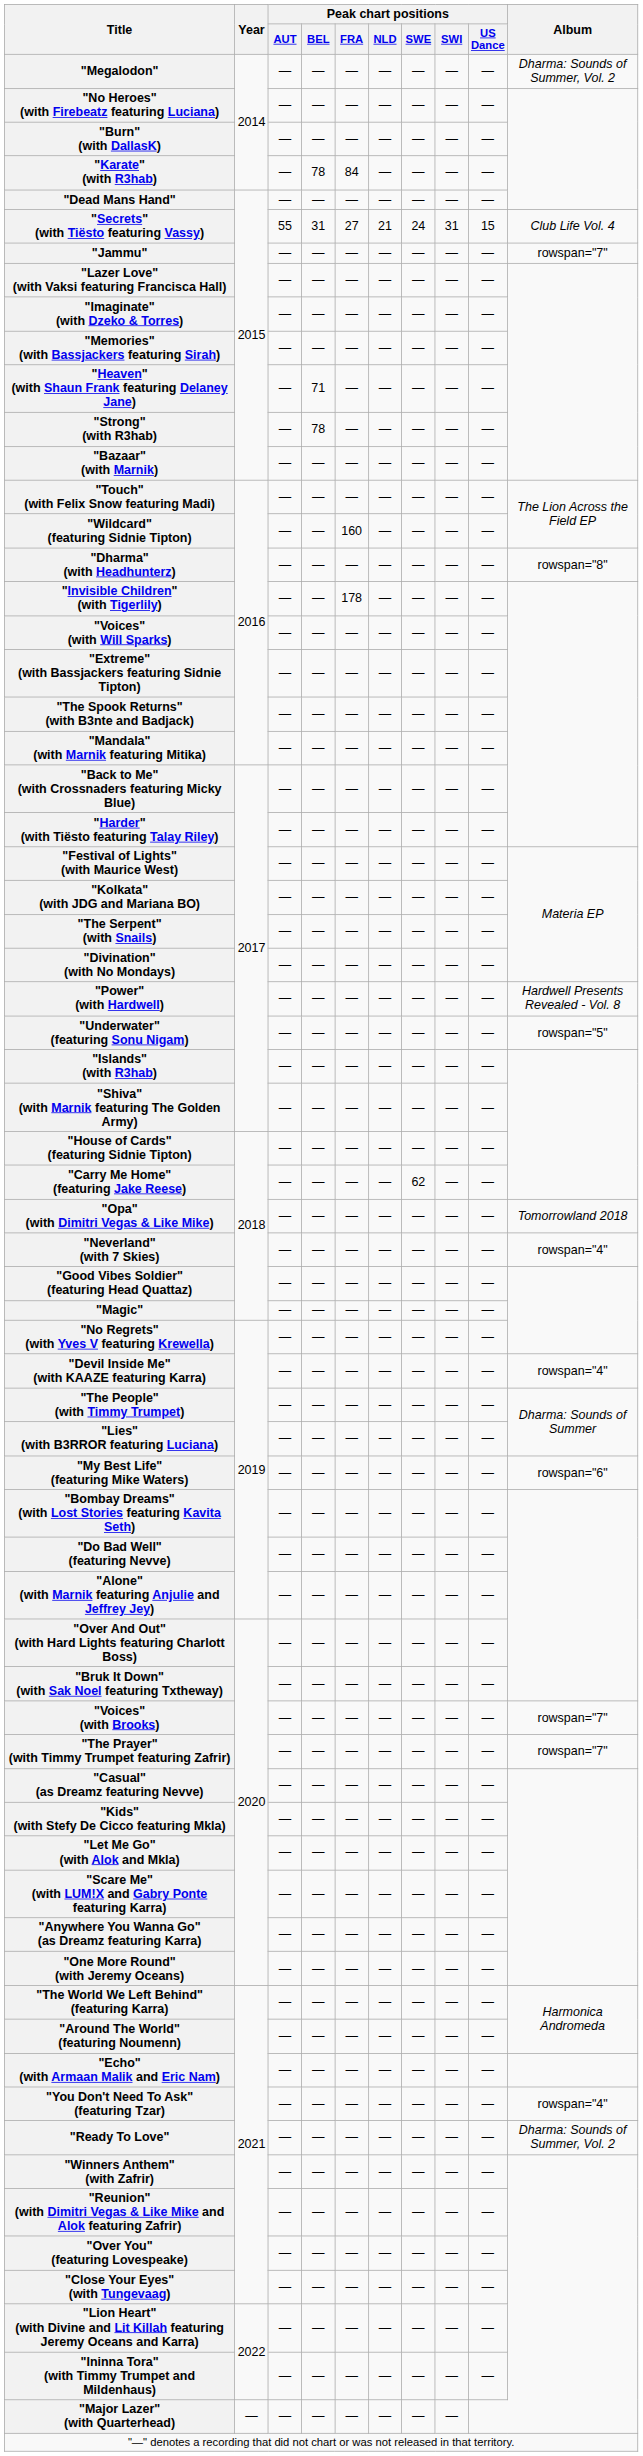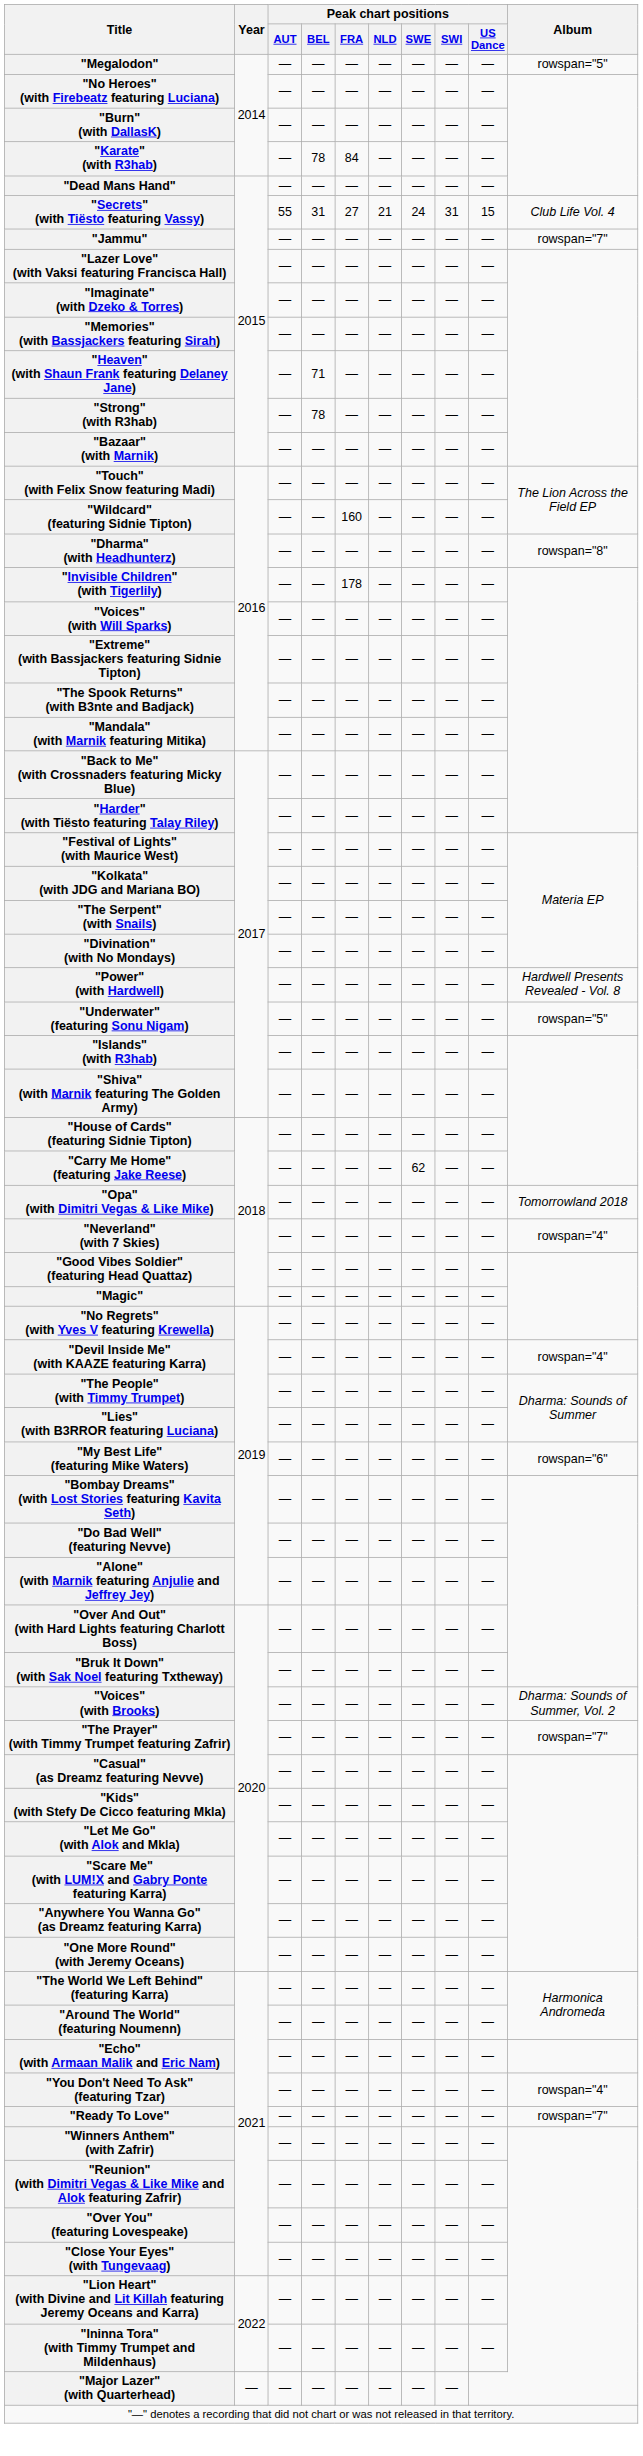 <table class="wikitable plainrowheaders" style="text-align:center;">
 <tr>
 <th scope="col" rowspan="2" style="width:18em;">Title</th>
 <th scope="col" rowspan="2" style="width:1em;">Year</th>
 <th scope="col" colspan="7">Peak chart positions</th>
 <th scope="col" rowspan="2" style="width:10em;">Album</th>
 </tr>
 <tr>
 <th scope="col" style="width:2.5em;font-size:90%;"><a href='#'>AUT</a><br></th>
 <th scope="col" style="width:2.5em;font-size:90%;"><a href='#'>BEL</a> <br></th>
 <th scope="col" style="width:2.5em;font-size:90%;"><a href='#'>FRA</a><br></th>
 <th scope="col" style="width:2.5em;font-size:90%;"><a href='#'>NLD</a><br></th>
 <th scope="col" style="width:2.5em;font-size:90%;"><a href='#'>SWE</a><br></th>
 <th scope="col" style="width:2.5em;font-size:90%;"><a href='#'>SWI</a><br></th>
 <th scope="col" style="width:2.5em;font-size:90%;"><a href='#'>US<br>Dance</a><br></th>
 </tr>
 <tr>
 <th scope="row">"Megalodon"</th>
 <td rowspan="4">2014</td>
 <td>—</td>
 <td>—</td>
 <td>—</td>
 <td>—</td>
 <td>—</td>
 <td>—</td>
 <td>—</td>
-<td rowspan=""><em>Dharma: Sounds of Summer, Vol. 2</em></td>
+<td>rowspan="5" </td>
 </tr>
 <tr>
 <th scope="row">"No Heroes" <br><span>(with <a href='#'>Firebeatz</a> featuring <a href='#'>Luciana</a>)</span></th>
 <td>—</td>
 <td>—</td>
 <td>—</td>
 <td>—</td>
 <td>—</td>
 <td>—</td>
 <td>—</td>
 </tr>
 <tr>
 <th scope="row">"Burn" <br><span>(with <a href='#'>DallasK</a>)</span></th>
 <td>—</td>
 <td>—</td>
 <td>—</td>
 <td>—</td>
 <td>—</td>
 <td>—</td>
 <td>—</td>
 </tr>
 <tr>
 <th scope="row">"<a href='#'>Karate</a>" <br><span>(with <a href='#'>R3hab</a>)</span></th>
 <td>—</td>
 <td>78</td>
 <td>84</td>
 <td>—</td>
 <td>—</td>
 <td>—</td>
 <td>—</td>
 </tr>
 <tr>
 <th scope="row">"Dead Mans Hand"</th>
 <td rowspan="9">2015</td>
 <td>—</td>
 <td>—</td>
 <td>—</td>
 <td>—</td>
 <td>—</td>
 <td>—</td>
 <td>—</td>
 </tr>
 <tr>
 <th scope="row">"<a href='#'>Secrets</a>" <br><span>(with <a href='#'>Tiësto</a> featuring <a href='#'>Vassy</a>)</span></th>
 <td>55</td>
 <td>31</td>
 <td>27</td>
 <td>21</td>
 <td>24</td>
 <td>31</td>
 <td>15</td>
 <td><em>Club Life Vol. 4</em></td>
 </tr>
 <tr>
 <th scope="row">"Jammu"</th>
 <td>—</td>
 <td>—</td>
 <td>—</td>
 <td>—</td>
 <td>—</td>
 <td>—</td>
 <td>—</td>
 <td>rowspan="7" </td>
 </tr>
 <tr>
 <th scope="row">"Lazer Love" <br><span>(with Vaksi featuring Francisca Hall)</span></th>
 <td>—</td>
 <td>—</td>
 <td>—</td>
 <td>—</td>
 <td>—</td>
 <td>—</td>
 <td>—</td>
 </tr>
 <tr>
 <th scope="row">"Imaginate" <br><span>(with <a href='#'>Dzeko & Torres</a>)</span></th>
 <td>—</td>
 <td>—</td>
 <td>—</td>
 <td>—</td>
 <td>—</td>
 <td>—</td>
 <td>—</td>
 </tr>
 <tr>
 <th scope="row">"Memories" <br><span>(with <a href='#'>Bassjackers</a> featuring <a href='#'>Sirah</a>)</span></th>
 <td>—</td>
 <td>—</td>
 <td>—</td>
 <td>—</td>
 <td>—</td>
 <td>—</td>
 <td>—</td>
 </tr>
 <tr>
 <th scope="row">"<a href='#'>Heaven</a>" <br><span>(with <a href='#'>Shaun Frank</a> featuring <a href='#'>Delaney Jane</a>)</span></th>
 <td>—</td>
 <td>71</td>
 <td>—</td>
 <td>—</td>
 <td>—</td>
 <td>—</td>
 <td>—</td>
 </tr>
 <tr>
 <th scope="row">"Strong" <br><span>(with R3hab)</span></th>
 <td>—</td>
 <td>78</td>
 <td>—</td>
 <td>—</td>
 <td>—</td>
 <td>—</td>
 <td>—</td>
 </tr>
 <tr>
 <th scope="row">"Bazaar" <br><span>(with <a href='#'>Marnik</a>)</span></th>
 <td>—</td>
 <td>—</td>
 <td>—</td>
 <td>—</td>
 <td>—</td>
 <td>—</td>
 <td>—</td>
 </tr>
 <tr>
 <th scope="row">"Touch" <br><span>(with Felix Snow featuring Madi)</span></th>
 <td rowspan="8">2016</td>
 <td>—</td>
 <td>—</td>
 <td>—</td>
 <td>—</td>
 <td>—</td>
 <td>—</td>
 <td>—</td>
 <td rowspan="2"><em>The Lion Across the Field EP</em></td>
 </tr>
 <tr>
 <th scope="row">"Wildcard" <br><span>(featuring Sidnie Tipton)</span></th>
 <td>—</td>
 <td>—</td>
 <td>160</td>
 <td>—</td>
 <td>—</td>
 <td>—</td>
 <td>—</td>
 </tr>
 <tr>
 <th scope="row">"Dharma" <br><span>(with <a href='#'>Headhunterz</a>)</span></th>
 <td>—</td>
 <td>—</td>
 <td>—</td>
 <td>—</td>
 <td>—</td>
 <td>—</td>
 <td>—</td>
 <td>rowspan="8" </td>
 </tr>
 <tr>
 <th scope="row">"<a href='#'>Invisible Children</a>" <br><span>(with <a href='#'>Tigerlily</a>)</span></th>
 <td>—</td>
 <td>—</td>
 <td>178<br></td>
 <td>—</td>
 <td>—</td>
 <td>—</td>
 <td>—</td>
 </tr>
 <tr>
 <th scope="row">"Voices" <br><span>(with <a href='#'>Will Sparks</a>)</span></th>
 <td>—</td>
 <td>—</td>
 <td>—</td>
 <td>—</td>
 <td>—</td>
 <td>—</td>
 <td>—</td>
 </tr>
 <tr>
 <th scope="row">"Extreme" <br><span>(with Bassjackers featuring Sidnie Tipton)</span></th>
 <td>—</td>
 <td>—</td>
 <td>—</td>
 <td>—</td>
 <td>—</td>
 <td>—</td>
 <td>—</td>
 </tr>
 <tr>
 <th scope="row">"The Spook Returns" <br><span>(with B3nte and Badjack)</span></th>
 <td>—</td>
 <td>—</td>
 <td>—</td>
 <td>—</td>
 <td>—</td>
 <td>—</td>
 <td>—</td>
 </tr>
 <tr>
 <th scope="row">"Mandala" <br><span>(with <a href='#'>Marnik</a> featuring Mitika)</span></th>
 <td>—</td>
 <td>—</td>
 <td>—</td>
 <td>—</td>
 <td>—</td>
 <td>—</td>
 <td>—</td>
 </tr>
 <tr>
 <th scope="row">"Back to Me" <br><span>(with Crossnaders featuring Micky Blue)</span></th>
 <td rowspan="10">2017</td>
 <td>—</td>
 <td>—</td>
 <td>—</td>
 <td>—</td>
 <td>—</td>
 <td>—</td>
 <td>—</td>
 </tr>
 <tr>
 <th scope="row">"<a href='#'>Harder</a>"<br><span>(with Tiësto featuring <a href='#'>Talay Riley</a>)</span></th>
 <td>—</td>
 <td>—</td>
 <td>—</td>
 <td>—</td>
 <td>—</td>
 <td>—</td>
 <td>—</td>
 </tr>
 <tr>
 <th scope="row">"Festival of Lights" <br><span>(with Maurice West)</span></th>
 <td>—</td>
 <td>—</td>
 <td>—</td>
 <td>—</td>
 <td>—</td>
 <td>—</td>
 <td>—</td>
 <td rowspan="4"><em>Materia EP</em></td>
 </tr>
 <tr>
 <th scope="row">"Kolkata" <br><span>(with JDG and Mariana BO)</span></th>
 <td>—</td>
 <td>—</td>
 <td>—</td>
 <td>—</td>
 <td>—</td>
 <td>—</td>
 <td>—</td>
 </tr>
 <tr>
 <th scope="row">"The Serpent" <br><span>(with <a href='#'>Snails</a>)</span></th>
 <td>—</td>
 <td>—</td>
 <td>—</td>
 <td>—</td>
 <td>—</td>
 <td>—</td>
 <td>—</td>
 </tr>
 <tr>
 <th scope="row">"Divination" <br><span>(with No Mondays)</span></th>
 <td>—</td>
 <td>—</td>
 <td>—</td>
 <td>—</td>
 <td>—</td>
 <td>—</td>
 <td>—</td>
 </tr>
 <tr>
 <th scope="row">"Power" <br><span>(with <a href='#'>Hardwell</a>)</span></th>
 <td>—</td>
 <td>—</td>
 <td>—</td>
 <td>—</td>
 <td>—</td>
 <td>—</td>
 <td>—</td>
 <td><em>Hardwell Presents Revealed - Vol. 8</em></td>
 </tr>
 <tr>
 <th scope="row">"Underwater" <br><span>(featuring <a href='#'>Sonu Nigam</a>)</span></th>
 <td>—</td>
 <td>—</td>
 <td>—</td>
 <td>—</td>
 <td>—</td>
 <td>—</td>
 <td>—</td>
 <td>rowspan="5" </td>
 </tr>
 <tr>
 <th scope="row">"Islands" <br><span>(with <a href='#'>R3hab</a>)</span></th>
 <td>—</td>
 <td>—</td>
 <td>—</td>
 <td>—</td>
 <td>—</td>
 <td>—</td>
 <td>—</td>
 </tr>
 <tr>
 <th scope="row">"Shiva" <br><span>(with <a href='#'>Marnik</a> featuring The Golden Army)</span></th>
 <td>—</td>
 <td>—</td>
 <td>—</td>
 <td>—</td>
 <td>—</td>
 <td>—</td>
 <td>—</td>
 </tr>
 <tr>
 <th scope="row">"House of Cards" <br><span>(featuring Sidnie Tipton)</span></th>
 <td rowspan="6">2018</td>
 <td>—</td>
 <td>—</td>
 <td>—</td>
 <td>—</td>
 <td>—</td>
 <td>—</td>
 <td>—</td>
 </tr>
 <tr>
 <th scope="row">"Carry Me Home" <br><span>(featuring <a href='#'>Jake Reese</a>)</span></th>
 <td>—</td>
 <td>—</td>
 <td>—</td>
 <td>—</td>
 <td>62<br></td>
 <td>—</td>
 <td>—</td>
 </tr>
 <tr>
 <th scope="row">"Opa" <br><span>(with <a href='#'>Dimitri Vegas & Like Mike</a>)</span></th>
 <td>—</td>
 <td>—</td>
 <td>—</td>
 <td>—</td>
 <td>—</td>
 <td>—</td>
 <td>—</td>
 <td><em>Tomorrowland 2018</em></td>
 </tr>
 <tr>
 <th scope="row">"Neverland" <br><span>(with 7 Skies)</span></th>
 <td>—</td>
 <td>—</td>
 <td>—</td>
 <td>—</td>
 <td>—</td>
 <td>—</td>
 <td>—</td>
 <td>rowspan="4" </td>
 </tr>
 <tr>
 <th scope="row">"Good Vibes Soldier" <br><span>(featuring Head Quattaz)</span></th>
 <td>—</td>
 <td>—</td>
 <td>—</td>
 <td>—</td>
 <td>—</td>
 <td>—</td>
 <td>—</td>
 </tr>
 <tr>
 <th scope="row">"Magic"</th>
 <td>—</td>
 <td>—</td>
 <td>—</td>
 <td>—</td>
 <td>—</td>
 <td>—</td>
 <td>—</td>
 </tr>
 <tr>
 <th scope="row">"No Regrets" <br><span>(with <a href='#'>Yves V</a> featuring <a href='#'>Krewella</a>)</span></th>
 <td rowspan="8">2019</td>
 <td>—</td>
 <td>—</td>
 <td>—</td>
 <td>—</td>
 <td>—</td>
 <td>—</td>
 <td>—</td>
 </tr>
 <tr>
 <th scope="row">"Devil Inside Me" <br><span>(with KAAZE featuring Karra)</span></th>
 <td>—</td>
 <td>—</td>
 <td>—</td>
 <td>—</td>
 <td>—</td>
 <td>—</td>
 <td>—</td>
 <td>rowspan="4" </td>
 </tr>
 <tr>
 <th scope="row">"The People" <br><span>(with <a href='#'>Timmy Trumpet</a>)</span></th>
 <td>—</td>
 <td>—</td>
 <td>—</td>
 <td>—</td>
 <td>—</td>
 <td>—</td>
 <td>—</td>
 <td rowspan="2"><em>Dharma: Sounds of Summer</em></td>
 </tr>
 <tr>
 <th scope="row">"Lies" <br><span>(with B3RROR featuring <a href='#'>Luciana</a>)</span></th>
 <td>—</td>
 <td>—</td>
 <td>—</td>
 <td>—</td>
 <td>—</td>
 <td>—</td>
 <td>—</td>
 </tr>
 <tr>
 <th scope="row">"My Best Life" <br><span>(featuring Mike Waters)</span></th>
 <td>—</td>
 <td>—</td>
 <td>—</td>
 <td>—</td>
 <td>—</td>
 <td>—</td>
 <td>—</td>
 <td>rowspan="6" </td>
 </tr>
 <tr>
 <th scope="row">"Bombay Dreams" <br><span>(with <a href='#'>Lost Stories</a> featuring <a href='#'>Kavita Seth</a>)</span></th>
 <td>—</td>
 <td>—</td>
 <td>—</td>
 <td>—</td>
 <td>—</td>
 <td>—</td>
 <td>—</td>
 </tr>
 <tr>
 <th scope="row">"Do Bad Well"<br><span>(featuring Nevve)</span></th>
 <td>—</td>
 <td>—</td>
 <td>—</td>
 <td>—</td>
 <td>—</td>
 <td>—</td>
 <td>—</td>
 </tr>
 <tr>
 <th scope="row">"Alone"<br><span>(with <a href='#'>Marnik</a> featuring <a href='#'>Anjulie</a> and <a href='#'>Jeffrey Jey</a>)</span></th>
 <td>—</td>
 <td>—</td>
 <td>—</td>
 <td>—</td>
 <td>—</td>
 <td>—</td>
 <td>—</td>
 </tr>
 <tr>
 <th scope="row">"Over And Out" <br><span>(with Hard Lights featuring Charlott Boss)</span></th>
 <td rowspan="10">2020</td>
 <td>—</td>
 <td>—</td>
 <td>—</td>
 <td>—</td>
 <td>—</td>
 <td>—</td>
 <td>—</td>
 </tr>
 <tr>
 <th scope="row">"Bruk It Down" <br><span>(with <a href='#'>Sak Noel</a> featuring Txtheway)</span></th>
 <td>—</td>
 <td>—</td>
 <td>—</td>
 <td>—</td>
 <td>—</td>
 <td>—</td>
 <td>—</td>
 </tr>
 <tr>
 <th scope="row">"Voices" <br><span>(with <a href='#'>Brooks</a>)</span></th>
 <td>—</td>
 <td>—</td>
 <td>—</td>
 <td>—</td>
 <td>—</td>
 <td>—</td>
 <td>—</td>
-<td>rowspan="7" </td>
+<td rowspan=""><em>Dharma: Sounds of Summer, Vol. 2</em></td>
 </tr>
 <tr>
 <th scope="row">"The Prayer" <br><span>(with Timmy Trumpet featuring Zafrir)</span></th>
 <td>—</td>
 <td>—</td>
 <td>—</td>
 <td>—</td>
 <td>—</td>
 <td>—</td>
 <td>—</td>
 <td>rowspan="7" </td>
 </tr>
 <tr>
 <th scope="row">"Casual" <br><span>(as Dreamz featuring Nevve)</span></th>
 <td>—</td>
 <td>—</td>
 <td>—</td>
 <td>—</td>
 <td>—</td>
 <td>—</td>
 <td>—</td>
 </tr>
 <tr>
 <th scope="row">"Kids" <br><span>(with Stefy De Cicco featuring Mkla)</span></th>
 <td>—</td>
 <td>—</td>
 <td>—</td>
 <td>—</td>
 <td>—</td>
 <td>—</td>
 <td>—</td>
 </tr>
 <tr>
 <th scope="row">"Let Me Go" <br><span>(with <a href='#'>Alok</a> and Mkla)</span></th>
 <td>—</td>
 <td>—</td>
 <td>—</td>
 <td>—</td>
 <td>—</td>
 <td>—</td>
 <td>—</td>
 </tr>
 <tr>
 <th scope="row">"Scare Me" <br><span>(with <a href='#'>LUM!X</a> and <a href='#'>Gabry Ponte</a> featuring Karra)</span></th>
 <td>—</td>
 <td>—</td>
 <td>—</td>
 <td>—</td>
 <td>—</td>
 <td>—</td>
 <td>—</td>
 </tr>
 <tr>
 <th scope="row">"Anywhere You Wanna Go" <br><span>(as Dreamz featuring Karra)</span></th>
 <td>—</td>
 <td>—</td>
 <td>—</td>
 <td>—</td>
 <td>—</td>
 <td>—</td>
 <td>—</td>
 </tr>
 <tr>
 <th scope="row">"One More Round" <br><span>(with Jeremy Oceans)</span></th>
 <td>—</td>
 <td>—</td>
 <td>—</td>
 <td>—</td>
 <td>—</td>
 <td>—</td>
 <td>—</td>
 </tr>
 <tr>
 <th scope="row">"The World We Left Behind" <br><span>(featuring Karra)</span></th>
 <td rowspan="9">2021</td>
 <td>—</td>
 <td>—</td>
 <td>—</td>
 <td>—</td>
 <td>—</td>
 <td>—</td>
 <td>—</td>
 <td rowspan="2"><em>Harmonica Andromeda</em></td>
 </tr>
 <tr>
 <th scope="row">"Around The World" <br><span>(featuring Noumenn)</span></th>
 <td>—</td>
 <td>—</td>
 <td>—</td>
 <td>—</td>
 <td>—</td>
 <td>—</td>
 <td>—</td>
 </tr>
 <tr>
 <th scope="row">"Echo" <br><span>(with <a href='#'>Armaan Malik</a> and <a href='#'>Eric Nam</a>)</span></th>
 <td>—</td>
 <td>—</td>
 <td>—</td>
 <td>—</td>
 <td>—</td>
 <td>—</td>
 <td>—</td>
 <td></td>
 </tr>
 <tr>
 <th scope="row">"You Don't Need To Ask" <br><span>(featuring Tzar)</span></th>
 <td>—</td>
 <td>—</td>
 <td>—</td>
 <td>—</td>
 <td>—</td>
 <td>—</td>
 <td>—</td>
 <td>rowspan="4" </td>
 </tr>
 <tr>
 <th scope="row">"Ready To Love"</th>
 <td>—</td>
 <td>—</td>
 <td>—</td>
 <td>—</td>
 <td>—</td>
 <td>—</td>
 <td>—</td>
-<td rowspan=""><em>Dharma: Sounds of Summer, Vol. 2</em></td>
+<td>rowspan="7" </td>
 </tr>
 <tr>
 <th scope="row">"Winners Anthem" <br><span>(with Zafrir)</span></th>
 <td>—</td>
 <td>—</td>
 <td>—</td>
 <td>—</td>
 <td>—</td>
 <td>—</td>
 <td>—</td>
 </tr>
 <tr>
 <th scope="row">"Reunion" <br><span>(with <a href='#'>Dimitri Vegas & Like Mike</a> and <a href='#'>Alok</a> featuring Zafrir)</span></th>
 <td>—</td>
 <td>—</td>
 <td>—</td>
 <td>—</td>
 <td>—</td>
 <td>—</td>
 <td>—</td>
 </tr>
 <tr>
 <th scope="row">"Over You" <br><span>(featuring Lovespeake)</span></th>
 <td>—</td>
 <td>—</td>
 <td>—</td>
 <td>—</td>
 <td>—</td>
 <td>—</td>
 <td>—</td>
 </tr>
 <tr>
 <th scope="row">"Close Your Eyes" <br><span>(with <a href='#'>Tungevaag</a>)</span></th>
 <td>—</td>
 <td>—</td>
 <td>—</td>
 <td>—</td>
 <td>—</td>
 <td>—</td>
 <td>—</td>
 </tr>
 <tr>
 <th scope="row">"Lion Heart" <br><span>(with Divine and <a href='#'>Lit Killah</a> featuring Jeremy Oceans and Karra)</span></th>
 <td rowspan="2">2022</td>
 <td>—</td>
 <td>—</td>
 <td>—</td>
 <td>—</td>
 <td>—</td>
 <td>—</td>
 <td>—</td>
 </tr>
 <tr>
 <th scope="row">"Ininna Tora" <br><span>(with Timmy Trumpet and Mildenhaus)</span></th>
 <td>—</td>
 <td>—</td>
 <td>—</td>
 <td>—</td>
 <td>—</td>
 <td>—</td>
 <td>—</td>
 </tr>
 <tr>
 <th scope="row">"Major Lazer" <br><span>(with Quarterhead)</span></th>
 <td>—</td>
 <td>—</td>
 <td>—</td>
 <td>—</td>
 <td>—</td>
 <td>—</td>
 <td>—</td>
 </tr>
 <tr>
 <td colspan="10" style="font-size:90%">"—" denotes a recording that did not chart or was not released in that territory.</td>
 </tr>
 </table>
